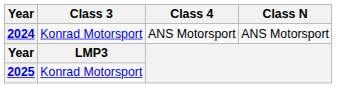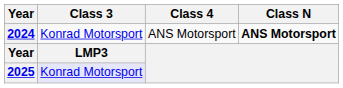 <table class="wikitable">
 <tr>
 <th>Year</th>
 <th>Class 3</th>
 <th>Class 4</th>
 <th>Class N</th>
 </tr>
 <tr>
 <th><a href='#'>2024</a></th>
 <td> <a href='#'>Konrad Motorsport</a></td>
 <td> ANS Motorsport</td>
-<td> ANS Motorsport</td>
+<td><strong> ANS Motorsport</strong></td>
 </tr>
 <tr>
 <th>Year</th>
 <th>LMP3</th>
 <th colspan="2" rowspan="2"></th>
 </tr>
 <tr>
 <th><a href='#'>2025</a></th>
-<td> <a href='#'>Konrad Motorsport</a></td>
+<td style="background: lavender;"> <a href='#'>Konrad Motorsport</a></td>
 </tr>
 </table>
